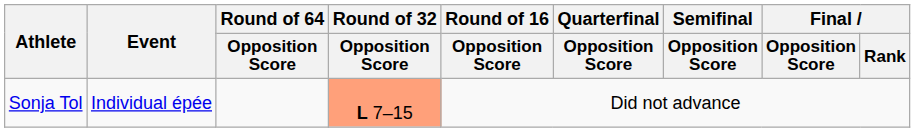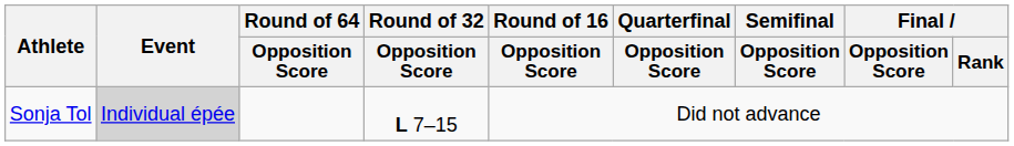 <table class="wikitable" style="font-size:90%">
 <tr>
 <th rowspan="2">Athlete</th>
 <th rowspan="2">Event</th>
 <th>Round of 64</th>
 <th>Round of 32</th>
 <th>Round of 16</th>
 <th>Quarterfinal</th>
 <th>Semifinal</th>
 <th colspan=2>Final / </th>
 </tr>
 <tr style="font-size:95%">
 <th>Opposition <br> Score</th>
 <th>Opposition <br> Score</th>
 <th>Opposition <br> Score</th>
 <th>Opposition <br> Score</th>
 <th>Opposition <br> Score</th>
 <th>Opposition <br> Score</th>
 <th>Rank</th>
 </tr>
 <tr align=center>
 <td align=left><a href='#'>Sonja Tol</a></td>
-<td align=left><a href='#'>Individual épée</a></td>
+<td align=left style="background: lightgrey;"><a href='#'>Individual épée</a></td>
 <td></td>
-<td style="background: lightsalmon;"><br><strong>L</strong> 7–15</td>
+<td><br><strong>L</strong> 7–15</td>
 <td colspan=5>Did not advance</td>
 </tr>
 </table>
